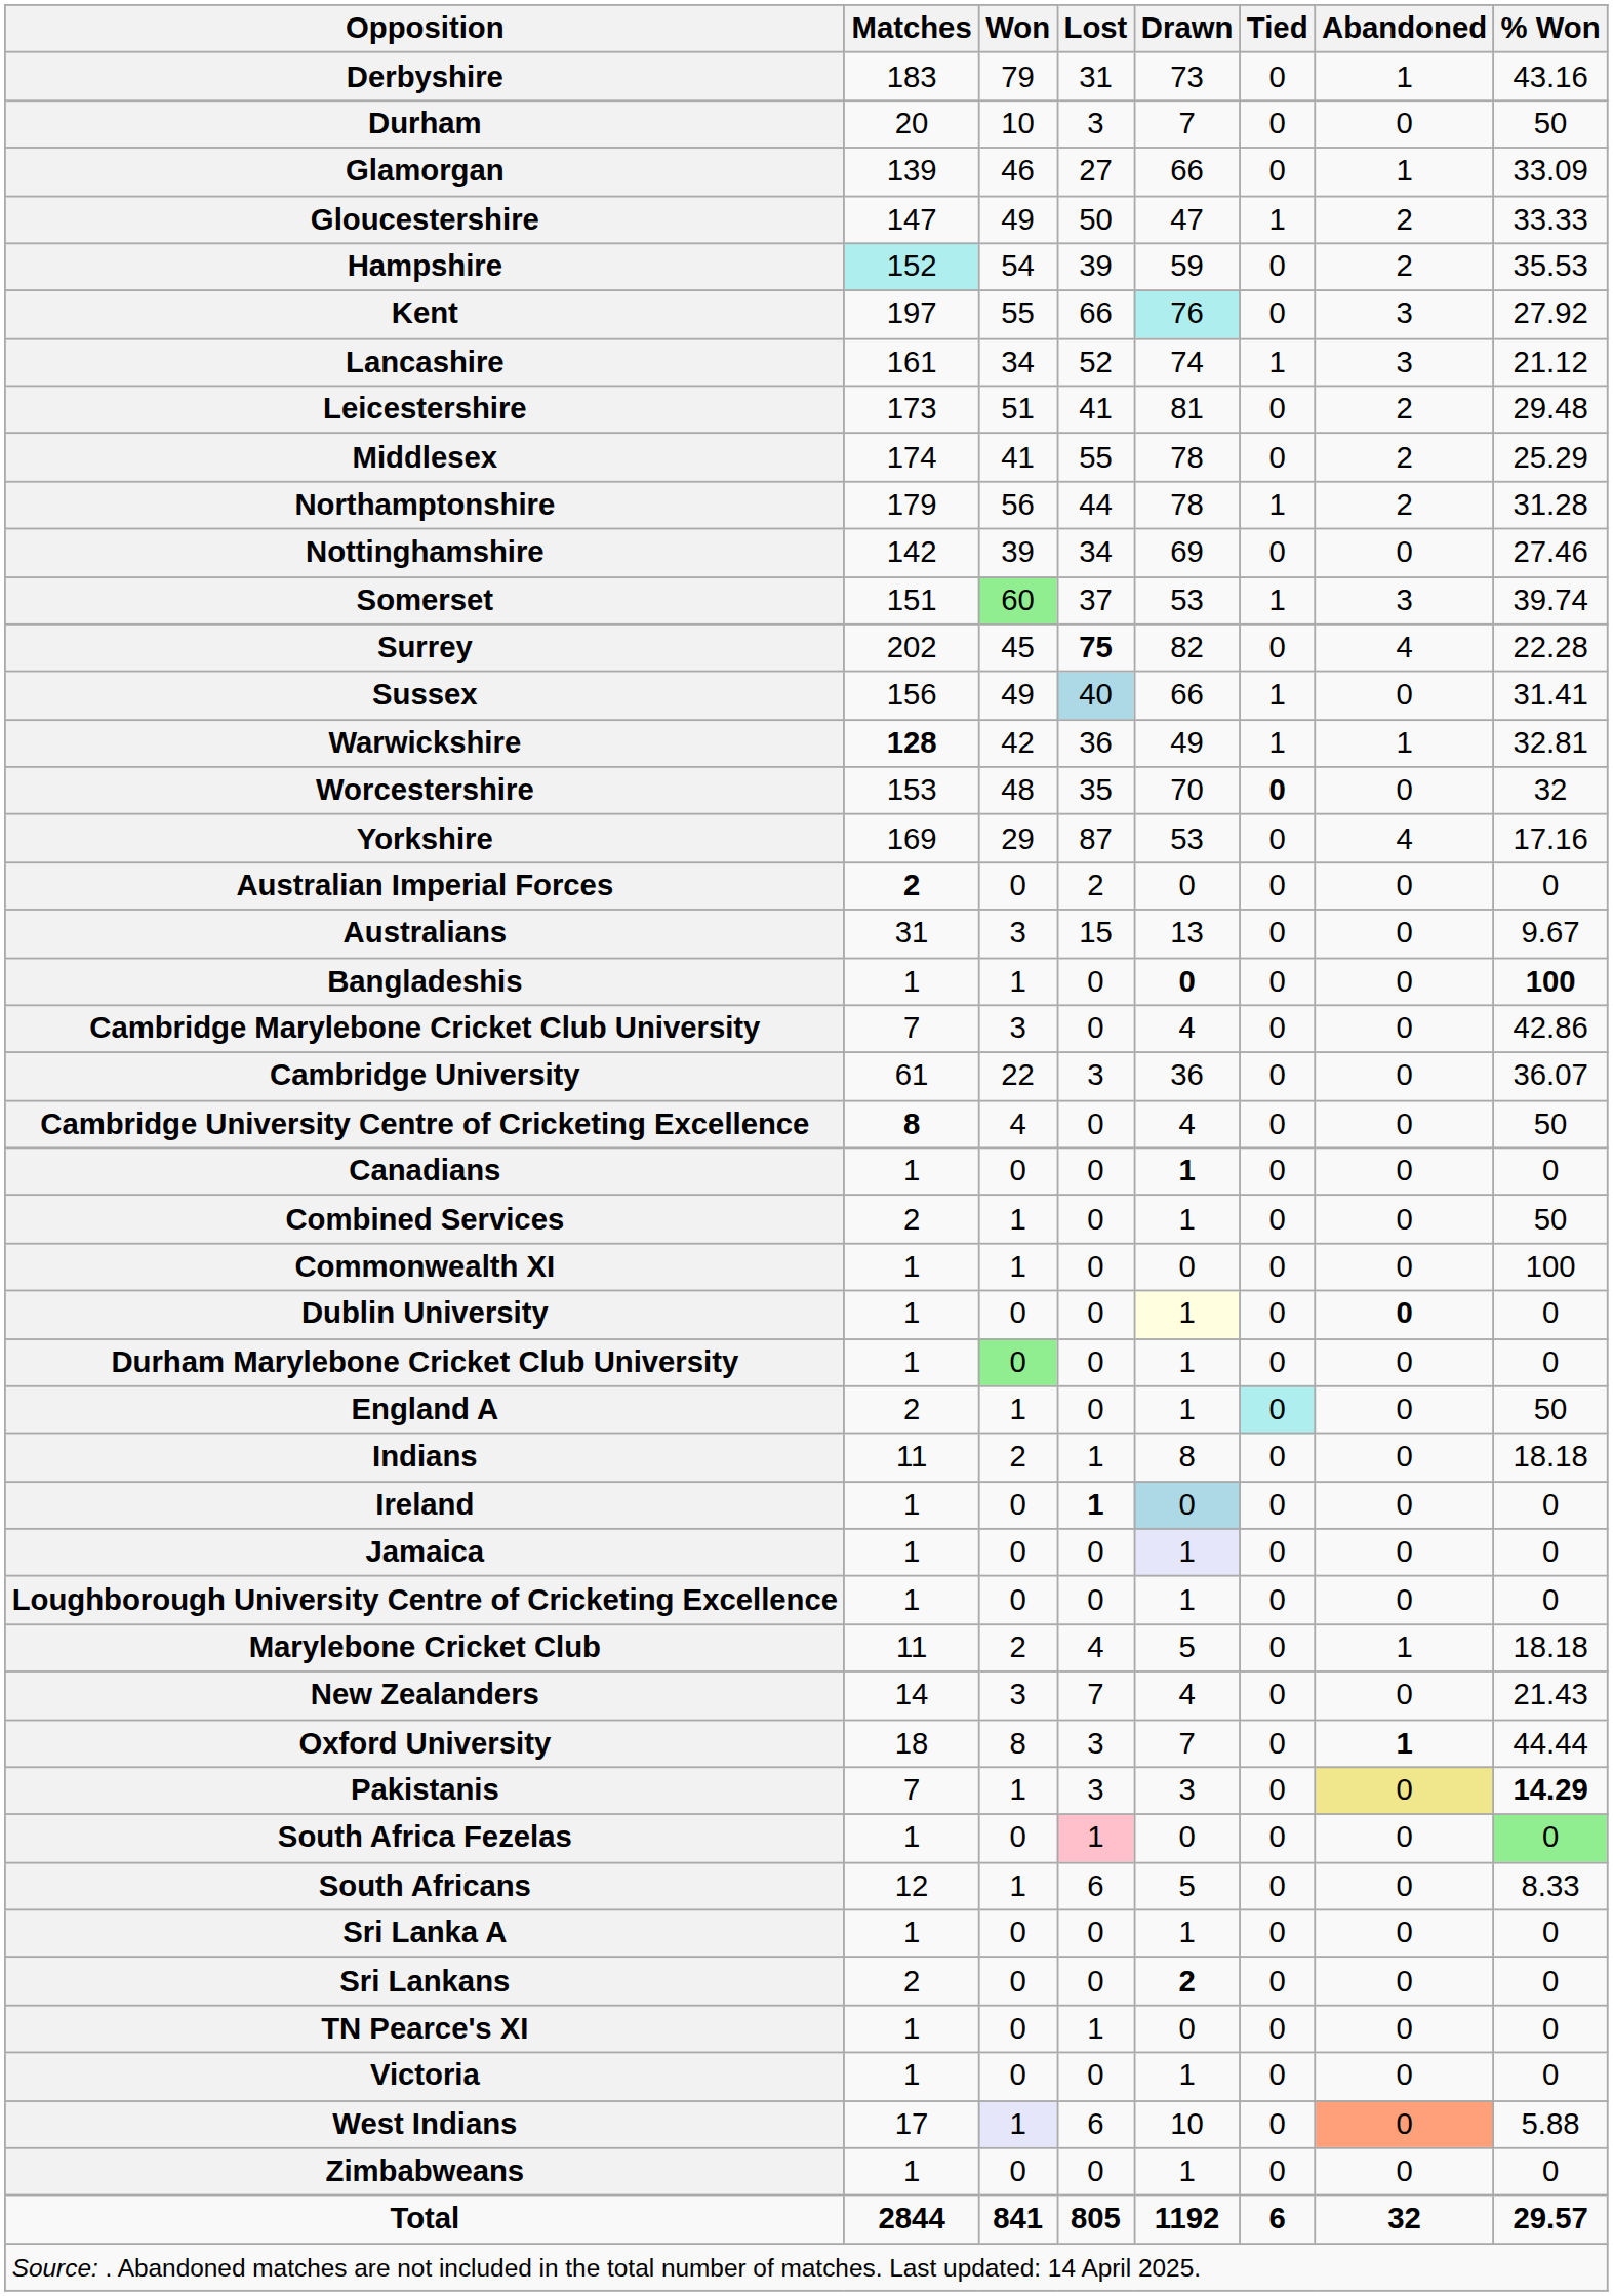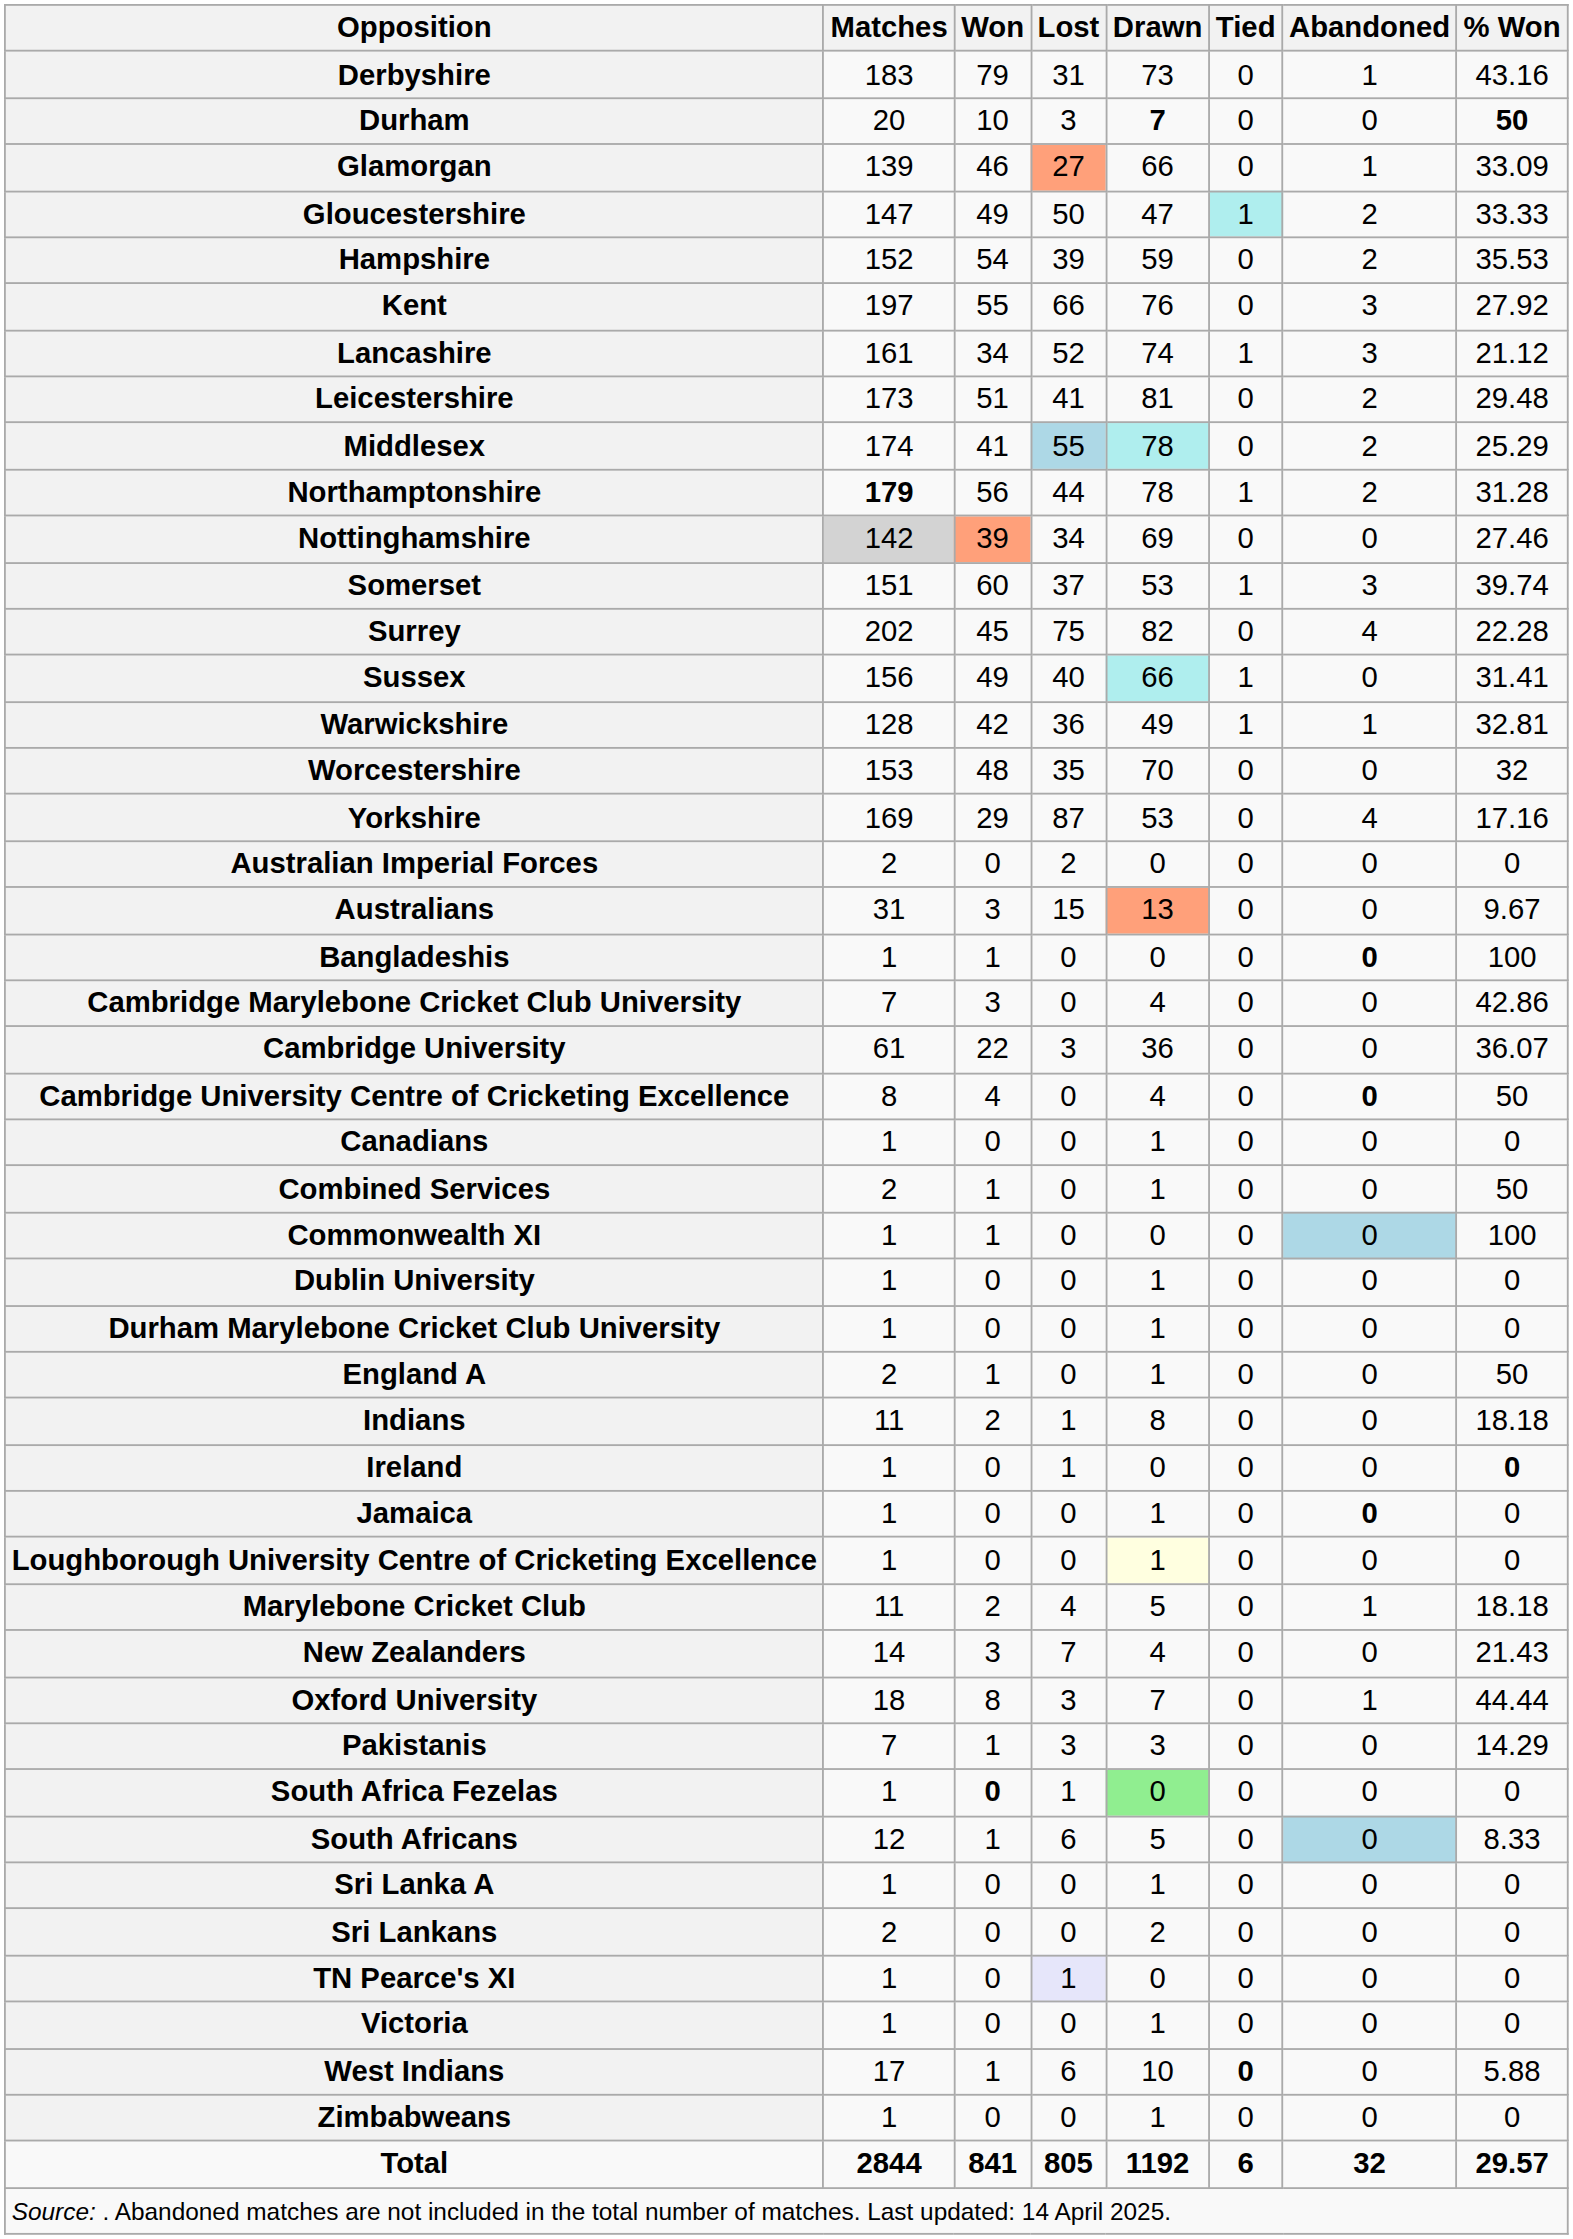 <table class="wikitable plainrowheaders sortable">
 <tr>
 <th scope=col>Opposition</th>
 <th scope=col>Matches</th>
 <th scope=col>Won</th>
 <th scope=col>Lost</th>
 <th scope=col>Drawn</th>
 <th scope=col>Tied</th>
 <th scope=col>Abandoned</th>
 <th scope=col>% Won</th>
 </tr>
 <tr align=center>
 <th scope=row>Derbyshire</th>
 <td>183</td>
 <td>79</td>
 <td>31</td>
 <td>73</td>
 <td>0</td>
 <td>1</td>
 <td>43.16</td>
 </tr>
 <tr align=center>
 <th scope=row>Durham</th>
 <td>20</td>
 <td>10</td>
 <td>3</td>
-<td>7</td>
+<td><strong>7</strong></td>
 <td>0</td>
 <td>0</td>
-<td>50</td>
+<td><strong>50</strong></td>
 </tr>
 <tr align=center>
 <th scope=row>Glamorgan</th>
 <td>139</td>
 <td>46</td>
-<td>27</td>
+<td style="background: lightsalmon;">27</td>
 <td>66</td>
 <td>0</td>
 <td>1</td>
 <td>33.09</td>
 </tr>
 <tr align=center>
 <th scope=row>Gloucestershire</th>
 <td>147</td>
 <td>49</td>
 <td>50</td>
 <td>47</td>
-<td>1</td>
+<td style="background: paleturquoise;">1</td>
 <td>2</td>
 <td>33.33</td>
 </tr>
 <tr align=center>
 <th scope=row>Hampshire</th>
-<td style="background: paleturquoise;">152</td>
+<td>152</td>
 <td>54</td>
 <td>39</td>
 <td>59</td>
 <td>0</td>
 <td>2</td>
 <td>35.53</td>
 </tr>
 <tr align=center>
 <th scope=row>Kent</th>
 <td>197</td>
 <td>55</td>
 <td>66</td>
-<td style="background: paleturquoise;">76</td>
+<td>76</td>
 <td>0</td>
 <td>3</td>
 <td>27.92</td>
 </tr>
 <tr align=center>
 <th scope=row>Lancashire</th>
 <td>161</td>
 <td>34</td>
 <td>52</td>
 <td>74</td>
 <td>1</td>
 <td>3</td>
 <td>21.12</td>
 </tr>
 <tr align=center>
 <th scope=row>Leicestershire</th>
 <td>173</td>
 <td>51</td>
 <td>41</td>
 <td>81</td>
 <td>0</td>
 <td>2</td>
 <td>29.48</td>
 </tr>
 <tr align=center>
 <th scope=row>Middlesex</th>
 <td>174</td>
 <td>41</td>
-<td>55</td>
-<td>78</td>
+<td style="background: lightblue;">55</td>
+<td style="background: paleturquoise;">78</td>
 <td>0</td>
 <td>2</td>
 <td>25.29</td>
 </tr>
 <tr align=center>
 <th scope=row>Northamptonshire</th>
-<td>179</td>
+<td><strong>179</strong></td>
 <td>56</td>
 <td>44</td>
 <td>78</td>
 <td>1</td>
 <td>2</td>
 <td>31.28</td>
 </tr>
 <tr align=center>
 <th scope=row>Nottinghamshire</th>
-<td>142</td>
-<td>39</td>
+<td style="background: lightgrey;">142</td>
+<td style="background: lightsalmon;">39</td>
 <td>34</td>
 <td>69</td>
 <td>0</td>
 <td>0</td>
 <td>27.46</td>
 </tr>
 <tr align=center>
 <th scope=row>Somerset</th>
 <td>151</td>
-<td style="background: lightgreen;">60</td>
+<td>60</td>
 <td>37</td>
 <td>53</td>
 <td>1</td>
 <td>3</td>
 <td>39.74</td>
 </tr>
 <tr align=center>
 <th scope=row>Surrey</th>
 <td>202</td>
 <td>45</td>
-<td><strong>75</strong></td>
+<td>75</td>
 <td>82</td>
 <td>0</td>
 <td>4</td>
 <td>22.28</td>
 </tr>
 <tr align=center>
 <th scope=row>Sussex</th>
 <td>156</td>
 <td>49</td>
-<td style="background: lightblue;">40</td>
-<td>66</td>
+<td>40</td>
+<td style="background: paleturquoise;">66</td>
 <td>1</td>
 <td>0</td>
 <td>31.41</td>
 </tr>
 <tr align=center>
 <th scope=row>Warwickshire</th>
-<td><strong>128</strong></td>
+<td>128</td>
 <td>42</td>
 <td>36</td>
 <td>49</td>
 <td>1</td>
 <td>1</td>
 <td>32.81</td>
 </tr>
 <tr align=center>
 <th scope=row>Worcestershire</th>
 <td>153</td>
 <td>48</td>
 <td>35</td>
 <td>70</td>
-<td><strong>0</strong></td>
+<td>0</td>
 <td>0</td>
 <td>32</td>
 </tr>
 <tr align=center>
 <th scope=row>Yorkshire</th>
 <td>169</td>
 <td>29</td>
 <td>87</td>
 <td>53</td>
 <td>0</td>
 <td>4</td>
 <td>17.16</td>
 </tr>
 <tr align=center>
 <th scope=row>Australian Imperial Forces</th>
-<td><strong>2</strong></td>
+<td>2</td>
 <td>0</td>
 <td>2</td>
 <td>0</td>
 <td>0</td>
 <td>0</td>
 <td>0</td>
 </tr>
 <tr align=center>
 <th scope=row>Australians</th>
 <td>31</td>
 <td>3</td>
 <td>15</td>
-<td>13</td>
+<td style="background: lightsalmon;">13</td>
 <td>0</td>
 <td>0</td>
 <td>9.67</td>
 </tr>
 <tr align=center>
 <th scope=row>Bangladeshis</th>
 <td>1</td>
 <td>1</td>
 <td>0</td>
-<td><strong>0</strong></td>
 <td>0</td>
 <td>0</td>
-<td><strong>100</strong></td>
+<td><strong>0</strong></td>
+<td>100</td>
 </tr>
 <tr align=center>
 <th scope=row>Cambridge Marylebone Cricket Club University</th>
 <td>7</td>
 <td>3</td>
 <td>0</td>
 <td>4</td>
 <td>0</td>
 <td>0</td>
 <td>42.86</td>
 </tr>
 <tr align=center>
 <th scope=row>Cambridge University</th>
 <td>61</td>
 <td>22</td>
 <td>3</td>
 <td>36</td>
 <td>0</td>
 <td>0</td>
 <td>36.07</td>
 </tr>
 <tr align=center>
 <th scope=row>Cambridge University Centre of Cricketing Excellence</th>
-<td><strong>8</strong></td>
+<td>8</td>
 <td>4</td>
 <td>0</td>
 <td>4</td>
 <td>0</td>
-<td>0</td>
+<td><strong>0</strong></td>
 <td>50</td>
 </tr>
 <tr align=center>
 <th scope=row>Canadians</th>
 <td>1</td>
 <td>0</td>
 <td>0</td>
-<td><strong>1</strong></td>
+<td>1</td>
 <td>0</td>
 <td>0</td>
 <td>0</td>
 </tr>
 <tr align=center>
 <th scope=row>Combined Services</th>
 <td>2</td>
 <td>1</td>
 <td>0</td>
 <td>1</td>
 <td>0</td>
 <td>0</td>
 <td>50</td>
 </tr>
 <tr align=center>
 <th scope=row>Commonwealth XI</th>
 <td>1</td>
 <td>1</td>
 <td>0</td>
 <td>0</td>
 <td>0</td>
-<td>0</td>
+<td style="background: lightblue;">0</td>
 <td>100</td>
 </tr>
 <tr align=center>
 <th scope=row>Dublin University</th>
 <td>1</td>
 <td>0</td>
 <td>0</td>
-<td style="background: lightyellow;">1</td>
+<td>1</td>
 <td>0</td>
-<td><strong>0</strong></td>
+<td>0</td>
 <td>0</td>
 </tr>
 <tr align=center>
 <th scope=row>Durham Marylebone Cricket Club University</th>
 <td>1</td>
-<td style="background: lightgreen;">0</td>
+<td>0</td>
 <td>0</td>
 <td>1</td>
 <td>0</td>
 <td>0</td>
 <td>0</td>
 </tr>
 <tr align=center>
 <th scope=row>England A</th>
 <td>2</td>
 <td>1</td>
 <td>0</td>
 <td>1</td>
-<td style="background: paleturquoise;">0</td>
+<td>0</td>
 <td>0</td>
 <td>50</td>
 </tr>
 <tr align=center>
 <th scope=row>Indians</th>
 <td>11</td>
 <td>2</td>
 <td>1</td>
 <td>8</td>
 <td>0</td>
 <td>0</td>
 <td>18.18</td>
 </tr>
 <tr align=center>
 <th scope=row>Ireland</th>
 <td>1</td>
 <td>0</td>
-<td><strong>1</strong></td>
-<td style="background: lightblue;">0</td>
+<td>1</td>
 <td>0</td>
 <td>0</td>
 <td>0</td>
+<td><strong>0</strong></td>
 </tr>
 <tr align=center>
 <th scope=row>Jamaica</th>
 <td>1</td>
 <td>0</td>
 <td>0</td>
-<td style="background: lavender;">1</td>
+<td>1</td>
 <td>0</td>
-<td>0</td>
+<td><strong>0</strong></td>
 <td>0</td>
 </tr>
 <tr align=center>
 <th scope=row>Loughborough University Centre of Cricketing Excellence</th>
 <td>1</td>
 <td>0</td>
 <td>0</td>
-<td>1</td>
+<td style="background: lightyellow;">1</td>
 <td>0</td>
 <td>0</td>
 <td>0</td>
 </tr>
 <tr align=center>
 <th scope=row>Marylebone Cricket Club</th>
 <td>11</td>
 <td>2</td>
 <td>4</td>
 <td>5</td>
 <td>0</td>
 <td>1</td>
 <td>18.18</td>
 </tr>
 <tr align=center>
 <th scope=row>New Zealanders</th>
 <td>14</td>
 <td>3</td>
 <td>7</td>
 <td>4</td>
 <td>0</td>
 <td>0</td>
 <td>21.43</td>
 </tr>
 <tr align=center>
 <th scope=row>Oxford University</th>
 <td>18</td>
 <td>8</td>
 <td>3</td>
 <td>7</td>
 <td>0</td>
-<td><strong>1</strong></td>
+<td>1</td>
 <td>44.44</td>
 </tr>
 <tr align=center>
 <th scope=row>Pakistanis</th>
 <td>7</td>
 <td>1</td>
 <td>3</td>
 <td>3</td>
 <td>0</td>
-<td style="background: khaki;">0</td>
-<td><strong>14.29</strong></td>
+<td>0</td>
+<td>14.29</td>
 </tr>
 <tr align=center>
 <th scope=row>South Africa Fezelas</th>
 <td>1</td>
-<td>0</td>
-<td style="background: pink;">1</td>
+<td><strong>0</strong></td>
+<td>1</td>
+<td style="background: lightgreen;">0</td>
 <td>0</td>
 <td>0</td>
 <td>0</td>
-<td style="background: lightgreen;">0</td>
 </tr>
 <tr align=center>
 <th scope=row>South Africans</th>
 <td>12</td>
 <td>1</td>
 <td>6</td>
 <td>5</td>
 <td>0</td>
-<td>0</td>
+<td style="background: lightblue;">0</td>
 <td>8.33</td>
 </tr>
 <tr align=center>
 <th scope=row>Sri Lanka A</th>
 <td>1</td>
 <td>0</td>
 <td>0</td>
 <td>1</td>
 <td>0</td>
 <td>0</td>
 <td>0</td>
 </tr>
 <tr align=center>
 <th scope=row>Sri Lankans</th>
 <td>2</td>
 <td>0</td>
 <td>0</td>
-<td><strong>2</strong></td>
+<td>2</td>
 <td>0</td>
 <td>0</td>
 <td>0</td>
 </tr>
 <tr align=center>
 <th scope=row>TN Pearce's XI</th>
 <td>1</td>
 <td>0</td>
-<td>1</td>
+<td style="background: lavender;">1</td>
 <td>0</td>
 <td>0</td>
 <td>0</td>
 <td>0</td>
 </tr>
 <tr align=center>
 <th scope=row>Victoria</th>
 <td>1</td>
 <td>0</td>
 <td>0</td>
 <td>1</td>
 <td>0</td>
 <td>0</td>
 <td>0</td>
 </tr>
 <tr align=center>
 <th scope=row>West Indians</th>
 <td>17</td>
-<td style="background: lavender;">1</td>
+<td>1</td>
 <td>6</td>
 <td>10</td>
+<td><strong>0</strong></td>
 <td>0</td>
-<td style="background: lightsalmon;">0</td>
 <td>5.88</td>
 </tr>
 <tr align=center>
 <th scope=row>Zimbabweans</th>
 <td>1</td>
 <td>0</td>
 <td>0</td>
 <td>1</td>
 <td>0</td>
 <td>0</td>
 <td>0</td>
 </tr>
 <tr class=sortbottom align=center>
 <td colspan=1><strong>Total</strong></td>
 <td><strong>2844</strong></td>
 <td><strong>841</strong></td>
 <td><strong>805</strong></td>
 <td><strong>1192</strong></td>
 <td><strong>6</strong></td>
 <td><strong>32</strong></td>
 <td><strong>29.57</strong></td>
 </tr>
 <tr class=sortbottom>
 <td colspan=8><small><em>Source: </em>. Abandoned matches are not included in the total number of matches.  Last updated: 14 April 2025.</small></td>
 </tr>
 </table>
